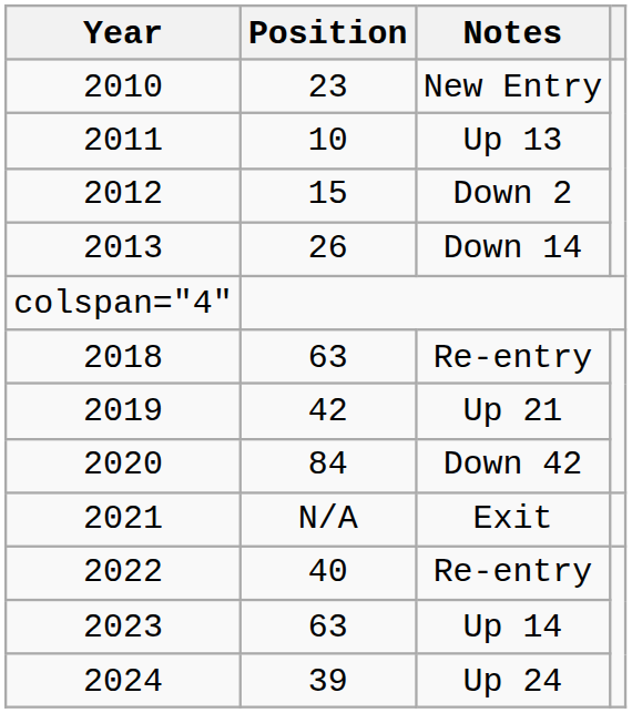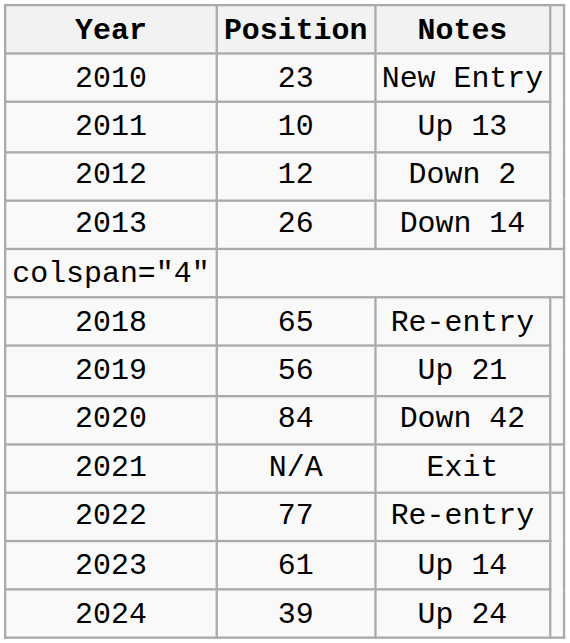 <table class="wikitable plainrowheaders" style="text-align:center;">
 <tr>
 <th>Year</th>
 <th>Position</th>
 <th>Notes</th>
 <th></th>
 </tr>
 <tr>
 <td>2010</td>
 <td>23</td>
 <td>New Entry</td>
 <td rowspan="4"></td>
 </tr>
 <tr>
 <td>2011</td>
 <td>10</td>
 <td>Up 13</td>
 </tr>
 <tr>
 <td>2012</td>
-<td>15</td>
+<td>12</td>
 <td>Down 2</td>
 </tr>
 <tr>
 <td>2013</td>
 <td>26</td>
 <td>Down 14</td>
 </tr>
 <tr>
 <td>colspan="4" </td>
 </tr>
 <tr>
 <td>2018</td>
-<td>63</td>
+<td>65</td>
 <td>Re-entry</td>
 <td rowspan="3"></td>
 </tr>
 <tr>
 <td>2019</td>
-<td>42</td>
+<td>56</td>
 <td>Up 21</td>
 </tr>
 <tr>
 <td>2020</td>
 <td>84</td>
 <td>Down 42</td>
 </tr>
 <tr>
 <td>2021</td>
 <td>N/A</td>
 <td>Exit</td>
 <td></td>
 </tr>
 <tr>
 <td>2022</td>
-<td>40</td>
+<td>77</td>
 <td>Re-entry</td>
 <td rowspan="3"></td>
 </tr>
 <tr>
 <td>2023</td>
-<td>63</td>
+<td>61</td>
 <td>Up 14</td>
 </tr>
 <tr>
 <td>2024</td>
 <td>39</td>
 <td>Up 24</td>
 </tr>
 </table>
